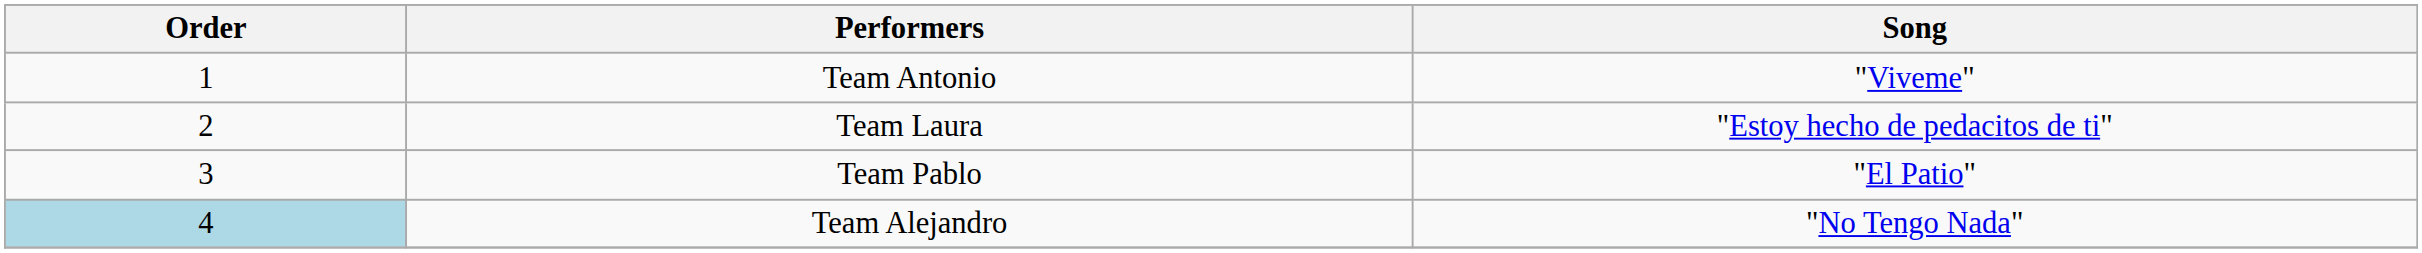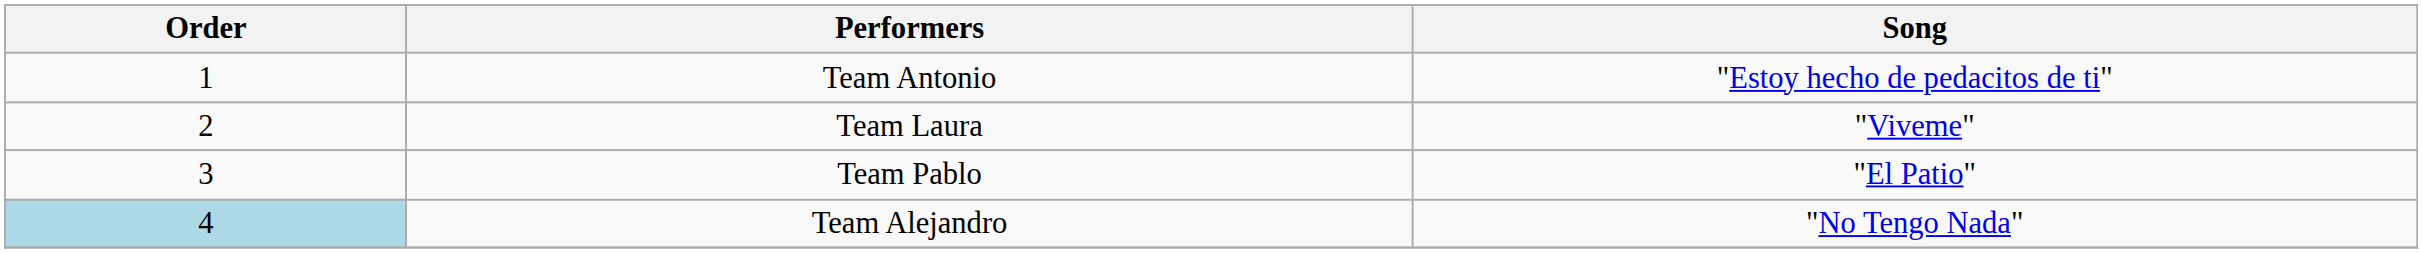 <table class="wikitable" style="text-align:center; width:100%">
 <tr>
 <th style="width:04%">Order</th>
 <th style="width:10%">Performers</th>
 <th style="width:10%">Song</th>
 </tr>
 <tr>
 <td>1</td>
 <td>Team Antonio<br></td>
-<td>"<a href='#'>Viveme</a>"</td>
+<td>"<a href='#'>Estoy hecho de pedacitos de ti</a>"</td>
 </tr>
 <tr>
 <td>2</td>
 <td>Team Laura<br></td>
-<td>"<a href='#'>Estoy hecho de pedacitos de ti</a>"</td>
+<td>"<a href='#'>Viveme</a>"</td>
 </tr>
 <tr>
 <td>3</td>
 <td>Team Pablo<br></td>
 <td>"<a href='#'>El Patio</a>"</td>
 </tr>
 <tr>
 <td style="background: lightblue;">4</td>
 <td>Team Alejandro<br></td>
 <td>"<a href='#'>No Tengo Nada</a>"</td>
 </tr>
 <tr>
 </tr>
 </table>
